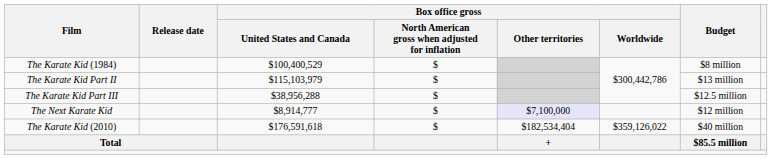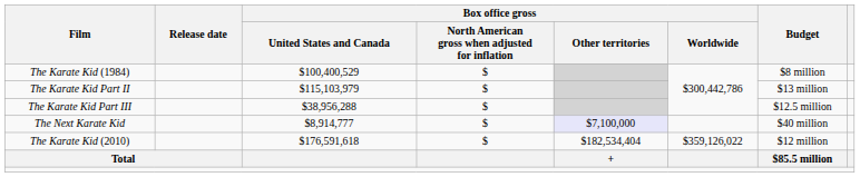 <table class="wikitable sortable"  style="width: 99%; text-align: center;">
 <tr>
 <th rowspan="2">Film</th>
 <th rowspan="2">Release date</th>
 <th colspan="4">Box office gross</th>
 <th rowspan="2">Budget</th>
 <th rowspan="2"></th>
 </tr>
 <tr>
 <th>United States and Canada</th>
 <th>North American<br>gross when adjusted<br>for inflation</th>
 <th>Other territories</th>
 <th>Worldwide</th>
 </tr>
 <tr>
 <td><em>The Karate Kid</em> (1984)</td>
 <td></td>
 <td>$100,400,529</td>
 <td>$</td>
 <td style="background-color:#D3D3D3;"></td>
 <td rowspan="3">$300,442,786</td>
 <td>$8 million</td>
 <td></td>
 </tr>
 <tr>
 <td><em>The Karate Kid Part II</em></td>
 <td></td>
 <td>$115,103,979</td>
 <td>$</td>
 <td style="background-color:#D3D3D3;"></td>
 <td>$13 million</td>
 <td></td>
 </tr>
 <tr>
 <td><em>The Karate Kid Part III</em></td>
 <td></td>
 <td>$38,956,288</td>
 <td>$</td>
 <td style="background-color:#D3D3D3;"></td>
 <td>$12.5 million</td>
 <td></td>
 </tr>
 <tr>
 <td><em>The Next Karate Kid</em></td>
 <td></td>
 <td>$8,914,777</td>
 <td>$</td>
 <td style="background: lavender;">$7,100,000</td>
 <td></td>
-<td>$12 million</td>
+<td>$40 million</td>
 <td></td>
 </tr>
 <tr>
 <td><em>The Karate Kid</em> (2010)</td>
 <td></td>
 <td>$176,591,618</td>
 <td>$</td>
 <td>$182,534,404</td>
 <td>$359,126,022</td>
-<td>$40 million</td>
+<td>$12 million</td>
 <td></td>
 </tr>
 <tr>
 <th colspan="2">Total</th>
 <th></th>
 <th></th>
 <th>+</th>
 <th></th>
 <th>$85.5 million</th>
 <th></th>
 </tr>
 <tr>
 <td colspan="10" style="text-align:left;"></td>
 </tr>
 </table>
